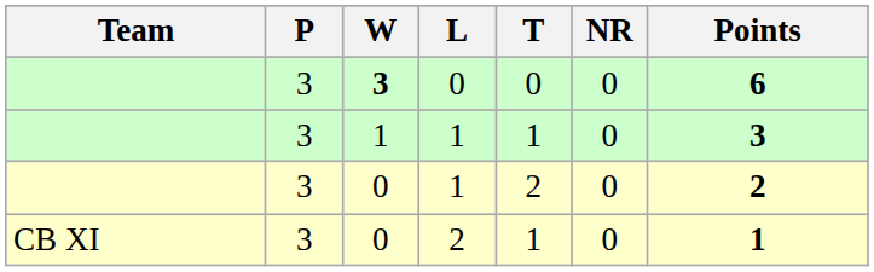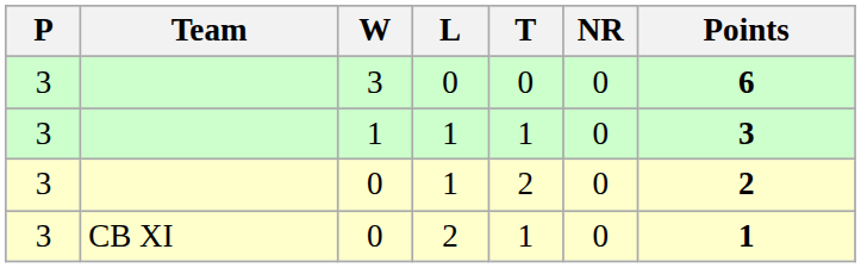 <table class="wikitable" style="text-align:center;">
 <tr>
+<th width=30 abbr="Played">P</th>
 <th width=120>Team</th>
-<th width=30 abbr="Played">P</th>
 <th width=30 abbr="Won">W</th>
 <th width=30 abbr="Lost">L</th>
 <th width=30 abbr="Tied">T</th>
 <th width=30 abbr="No result">NR</th>
 <th width=100 abbr="Points">Points</th>
 </tr>
 <tr bgcolor=ccffcc>
+<td>3</td>
 <td align="left"></td>
 <td>3</td>
-<td><strong>3</strong></td>
 <td>0</td>
 <td>0</td>
 <td>0</td>
 <td><strong>6</strong></td>
 </tr>
 <tr bgcolor=ccffcc>
+<td>3</td>
 <td align="left"></td>
-<td>3</td>
 <td>1</td>
 <td>1</td>
 <td>1</td>
 <td>0</td>
 <td><strong>3</strong></td>
 </tr>
 <tr bgcolor=ffffcc>
+<td>3</td>
 <td align="left"></td>
-<td>3</td>
 <td>0</td>
 <td>1</td>
 <td>2</td>
 <td>0</td>
 <td><strong>2</strong></td>
 </tr>
 <tr bgcolor=ffffcc>
+<td>3</td>
 <td align="left"> CB XI</td>
-<td>3</td>
 <td>0</td>
 <td>2</td>
 <td>1</td>
 <td>0</td>
 <td><strong>1</strong></td>
 </tr>
 </table>
